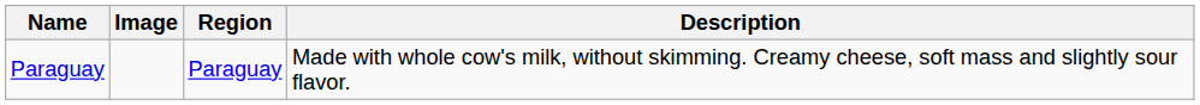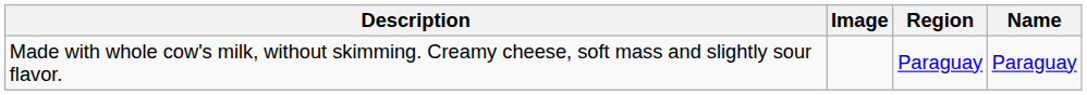 <table class="wikitable">
 <tr>
-<th>Name</th>
+<th>Description</th>
 <th class="unsortable">Image</th>
 <th>Region</th>
-<th>Description</th>
+<th>Name</th>
 </tr>
 <tr>
-<td><a href='#'>Paraguay</a></td>
+<td>Made with whole cow's milk, without skimming. Creamy cheese, soft mass and slightly sour flavor.</td>
 <td></td>
 <td><a href='#'>Paraguay</a></td>
-<td>Made with whole cow's milk, without skimming. Creamy cheese, soft mass and slightly sour flavor.</td>
+<td><a href='#'>Paraguay</a></td>
 </tr>
 </table>
